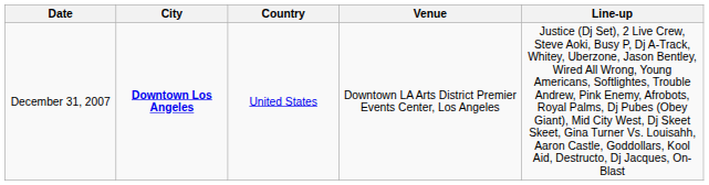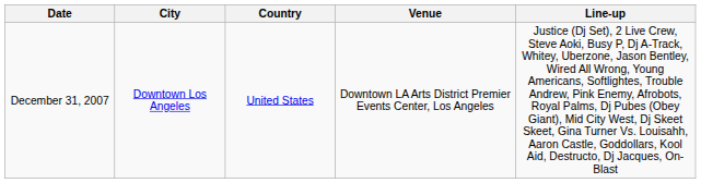 <table class="wikitable" style="text-align:center;">
 <tr>
 <th style="width:150px;">Date</th>
 <th style="width:150px;">City</th>
 <th style="width:150px;">Country</th>
 <th style="width:250px;">Venue</th>
 <th style="width:250px;">Line-up</th>
 </tr>
 <tr>
 <td>December 31, 2007</td>
-<td><strong><a href='#'>Downtown Los Angeles</a></strong></td>
+<td><a href='#'>Downtown Los Angeles</a></td>
 <td rowspan="4"><a href='#'>United States</a></td>
 <td>Downtown LA Arts District Premier Events Center, Los Angeles</td>
 <td>Justice (Dj Set), 2 Live Crew, Steve Aoki, Busy P, Dj A-Track, Whitey, Uberzone, Jason Bentley, Wired All Wrong, Young Americans, Softlightes, Trouble Andrew, Pink Enemy, Afrobots, Royal Palms, Dj Pubes (Obey Giant), Mid City West, Dj Skeet Skeet, Gina Turner Vs. Louisahh, Aaron Castle, Goddollars, Kool Aid, Destructo, Dj Jacques, On-Blast</td>
 </tr>
 </table>
